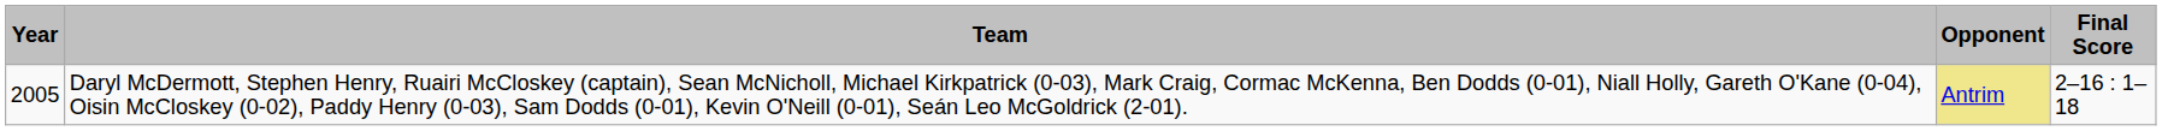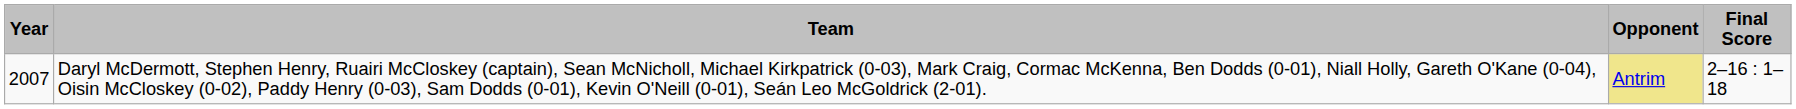 <table class="wikitable">
 <tr>
 <th style="background:silver;">Year</th>
 <th style="background:silver;">Team</th>
 <th style="background:silver;">Opponent</th>
 <th style="background:silver;">Final Score</th>
 </tr>
 <tr>
-<td>2005</td>
+<td>2007</td>
 <td>Daryl McDermott, Stephen Henry, Ruairi McCloskey (captain), Sean McNicholl, Michael Kirkpatrick (0-03), Mark Craig, Cormac McKenna, Ben Dodds (0-01), Niall Holly, Gareth O'Kane (0-04), Oisin McCloskey (0-02), Paddy Henry (0-03), Sam Dodds (0-01), Kevin O'Neill (0-01), Seán Leo McGoldrick (2-01).</td>
 <td style="background: khaki;"><a href='#'>Antrim</a></td>
 <td>2–16 : 1–18</td>
 </tr>
 </table>
